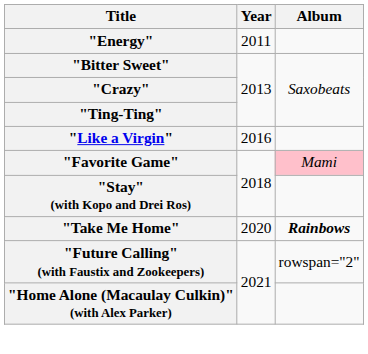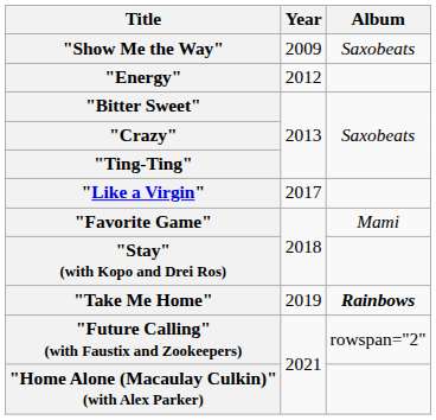 <table class="wikitable plainrowheaders" style="text-align:center;">
 <tr>
 <th scope="col">Title</th>
 <th scope="col">Year</th>
 <th scope="col">Album</th>
 </tr>
 <tr>
+<th scope="row">"Show Me the Way"</th>
+<td>2009</td>
+<td><em>Saxobeats</em></td>
+</tr>
+<tr>
 <th scope="row">"Energy"</th>
-<td>2011</td>
+<td>2012</td>
 <td></td>
 </tr>
 <tr>
 <th scope="row">"Bitter Sweet"</th>
 <td rowspan="3">2013</td>
 <td rowspan="3"><em>Saxobeats</em></td>
 </tr>
 <tr>
 <th scope="row">"Crazy"</th>
 </tr>
 <tr>
 <th scope="row">"Ting-Ting"</th>
 </tr>
 <tr>
 <th scope="row">"<a href='#'>Like a Virgin</a>"</th>
-<td>2016</td>
+<td>2017</td>
 <td></td>
 </tr>
 <tr>
 <th scope="row">"Favorite Game"</th>
 <td rowspan="2">2018</td>
-<td style="background: pink;"><em>Mami</em></td>
+<td><em>Mami</em></td>
 </tr>
 <tr>
 <th scope="row">"Stay"<br><small>(with Kopo and Drei Ros)</small></th>
 <td></td>
 </tr>
 <tr>
 <th scope="row">"Take Me Home"</th>
-<td>2020</td>
+<td>2019</td>
 <td><strong><em>Rainbows</em></strong></td>
 </tr>
 <tr>
 <th scope="row">"Future Calling"<br><small>(with Faustix and Zookeepers)</small></th>
 <td rowspan="2">2021</td>
 <td>rowspan="2" </td>
 </tr>
 <tr>
 <th scope="row">"Home Alone (Macaulay Culkin)"<br><small>(with Alex Parker)</small></th>
 </tr>
 </table>
